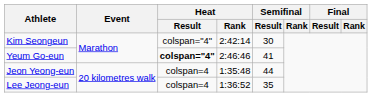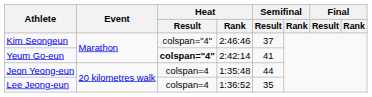 <table class="wikitable" style="font-size:90%">
 <tr>
 <th rowspan="2">Athlete</th>
 <th rowspan="2">Event</th>
 <th colspan="2">Heat</th>
 <th colspan="2">Semifinal</th>
 <th colspan="2">Final</th>
 </tr>
 <tr style="font-size:95%">
 <th>Result</th>
 <th>Rank</th>
 <th>Result</th>
 <th>Rank</th>
 <th>Result</th>
 <th>Rank</th>
 </tr>
 <tr style=text-align:center>
 <td style=text-align:left><a href='#'>Kim Seongeun</a></td>
 <td style=text-align:left rowspan=2><a href='#'>Marathon</a></td>
 <td>colspan="4" </td>
-<td>2:42:14</td>
-<td>30</td>
+<td>2:46:46</td>
+<td>37</td>
 </tr>
 <tr style=text-align:center>
 <td style=text-align:left><a href='#'>Yeum Go-eun</a></td>
 <td><strong>colspan="4" </strong></td>
-<td>2:46:46</td>
+<td>2:42:14</td>
 <td>41</td>
 </tr>
 <tr style=text-align:center>
 <td style=text-align:left><a href='#'>Jeon Yeong-eun</a></td>
 <td style=text-align:left rowspan=2><a href='#'>20 kilometres walk</a></td>
 <td>colspan=4 </td>
 <td>1:35:48</td>
 <td>44</td>
 </tr>
 <tr style=text-align:center>
 <td style=text-align:left><a href='#'>Lee Jeong-eun</a></td>
 <td>colspan=4 </td>
 <td>1:36:52</td>
 <td>35</td>
 </tr>
 </table>
